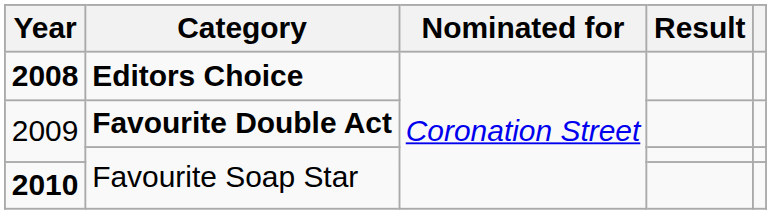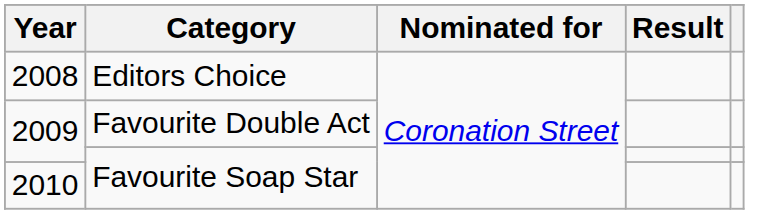 <table class="wikitable plainrowheaders">
 <tr>
 <th scope="col">Year</th>
 <th scope="col">Category</th>
 <th scope="col">Nominated for</th>
 <th scope="col">Result</th>
 <th scope="col"></th>
 </tr>
 <tr>
-<td align="center"><strong>2008</strong></td>
-<td><strong>Editors Choice</strong></td>
+<td align="center">2008</td>
+<td>Editors Choice</td>
 <td rowspan = "4"><em><a href='#'>Coronation Street</a></em></td>
 <td></td>
 <td></td>
 </tr>
 <tr>
 <td rowspan = "2"  align="center">2009</td>
-<td><strong>Favourite Double Act </strong></td>
+<td>Favourite Double Act </td>
 <td></td>
 <td></td>
 </tr>
 <tr>
 <td rowspan = "2">Favourite Soap Star</td>
 <td></td>
 <td></td>
 </tr>
 <tr>
-<td align="center"><strong>2010</strong></td>
+<td align="center">2010</td>
 <td></td>
 <td></td>
 </tr>
 </table>
